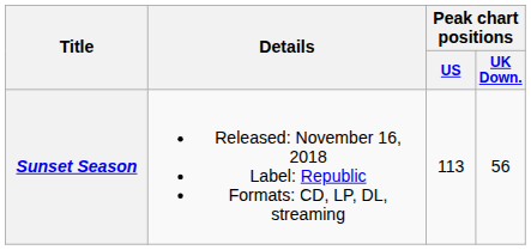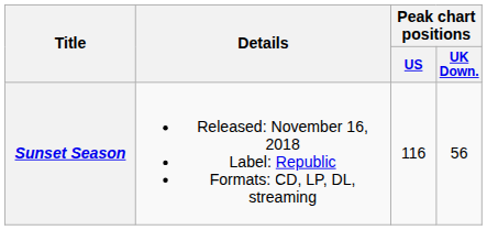 <table class="wikitable plainrowheaders" style="text-align:center">
 <tr>
 <th scope="col" rowspan="2" style="width:8em;">Title</th>
 <th scope="col" rowspan="2" style="width:16em;">Details</th>
 <th scope="col" colspan="2">Peak chart positions</th>
 </tr>
 <tr>
 <th scope="col" style="width:3em;font-size:85%;"><a href='#'>US</a><br></th>
 <th scope="col" style="width:3em;font-size:85%;"><a href='#'>UK<br>Down.</a><br></th>
 </tr>
 <tr>
 <th scope="row"><em><a href='#'>Sunset Season</a></em></th>
 <td><br><ul><li>Released: November 16, 2018</li><li>Label: <a href='#'>Republic</a></li><li>Formats: CD, LP, DL, streaming</li></ul></td>
-<td>113</td>
+<td>116</td>
 <td>56</td>
 </tr>
 </table>
